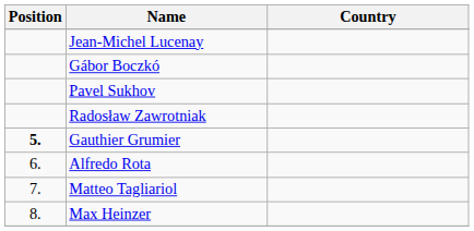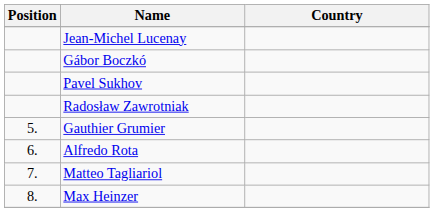 <table class="wikitable">
 <tr>
 <th width="20">Position</th>
 <th width="200">Name</th>
 <th width="200">Country</th>
 </tr>
 <tr>
 </tr>
 <tr>
 <td align="center"></td>
 <td><a href='#'>Jean-Michel Lucenay</a></td>
 <td></td>
 </tr>
 <tr>
 <td align="center"></td>
 <td><a href='#'>Gábor Boczkó</a></td>
 <td></td>
 </tr>
 <tr>
 <td align="center"></td>
 <td><a href='#'>Pavel Sukhov</a></td>
 <td></td>
 </tr>
 <tr>
 <td align="center"></td>
 <td><a href='#'>Radosław Zawrotniak</a></td>
 <td></td>
 </tr>
 <tr>
-<td align="center"><strong>5.</strong></td>
+<td align="center">5.</td>
 <td><a href='#'>Gauthier Grumier</a></td>
 <td></td>
 </tr>
 <tr>
 <td align="center">6.</td>
 <td><a href='#'>Alfredo Rota</a></td>
 <td></td>
 </tr>
 <tr>
 <td align="center">7.</td>
 <td><a href='#'>Matteo Tagliariol</a></td>
 <td></td>
 </tr>
 <tr>
 <td align="center">8.</td>
 <td><a href='#'>Max Heinzer</a></td>
 <td></td>
 </tr>
 <tr>
 </tr>
 </table>
